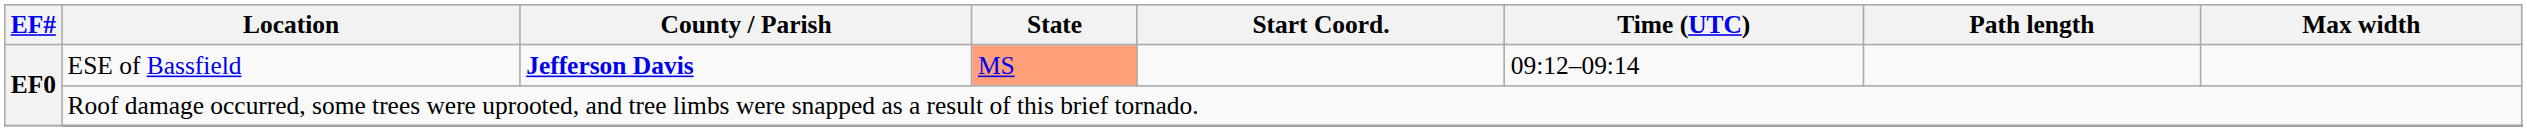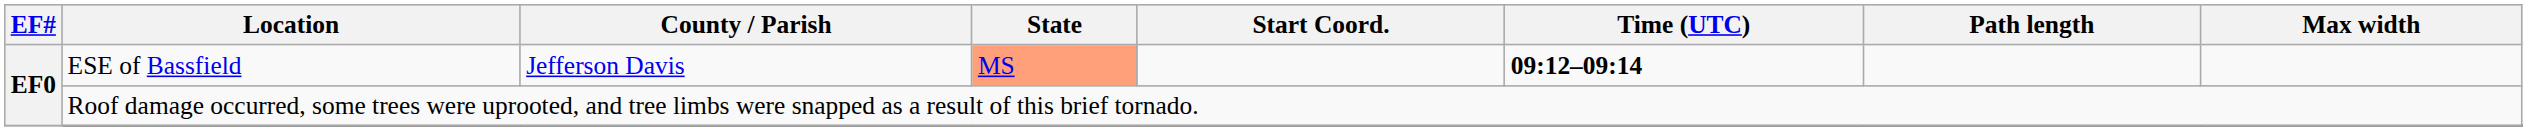 <table class="wikitable sortable" style="width:100%;">
 <tr>
 <th scope="col" width="2%" align="center"><a href='#'>EF#</a></th>
 <th scope="col" align="center" class="unsortable">Location</th>
 <th scope="col" align="center" class="unsortable">County / Parish</th>
 <th scope="col" align="center">State</th>
 <th scope="col" align="center">Start Coord.</th>
 <th scope="col" align="center">Time (<a href='#'>UTC</a>)</th>
 <th scope="col" align="center">Path length</th>
 <th scope="col" align="center">Max width</th>
 </tr>
 <tr>
 <th scope="row" rowspan="2" style="background-color:#">EF0</th>
 <td>ESE of <a href='#'>Bassfield</a></td>
-<td><strong><a href='#'>Jefferson Davis</a></strong></td>
+<td><a href='#'>Jefferson Davis</a></td>
 <td style="background: lightsalmon;"><a href='#'>MS</a></td>
 <td></td>
-<td>09:12–09:14</td>
+<td><strong>09:12–09:14</strong></td>
 <td></td>
 <td></td>
 </tr>
 <tr class="expand-child">
 <td colspan="8" style=" border-bottom: 1px solid black;">Roof damage occurred, some trees were uprooted, and tree limbs were snapped as a result of this brief tornado.</td>
 </tr>
 <tr>
 </tr>
 </table>
